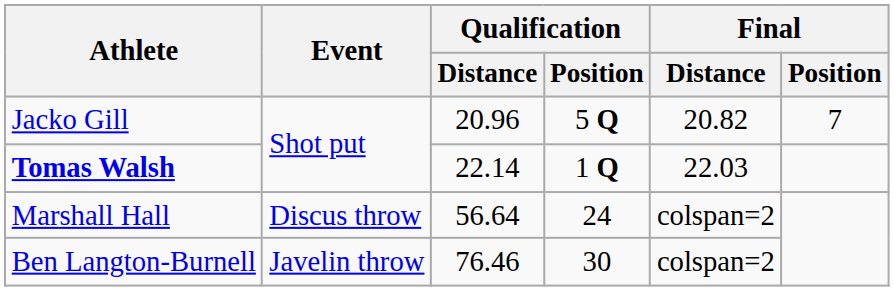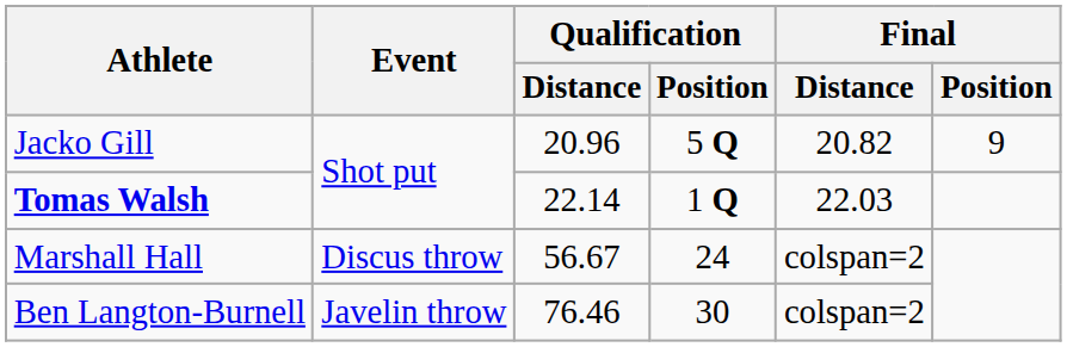 <table class=wikitable style=font-size:90%>
 <tr>
 <th rowspan=2>Athlete</th>
 <th rowspan=2>Event</th>
 <th colspan=2>Qualification</th>
 <th colspan=2>Final</th>
 </tr>
 <tr style=font-size:95%>
 <th>Distance</th>
 <th>Position</th>
 <th>Distance</th>
 <th>Position</th>
 </tr>
 <tr align=center>
 <td align=left><a href='#'>Jacko Gill</a></td>
 <td align=left rowspan=2><a href='#'>Shot put</a></td>
 <td>20.96</td>
 <td>5 <strong>Q</strong></td>
 <td>20.82</td>
-<td>7</td>
+<td>9</td>
 </tr>
 <tr align=center>
 <td align=left><strong><a href='#'>Tomas Walsh</a></strong></td>
 <td>22.14 </td>
 <td>1 <strong>Q</strong></td>
 <td>22.03</td>
 <td></td>
 </tr>
 <tr align=center>
 <td align=left><a href='#'>Marshall Hall</a></td>
 <td align=left><a href='#'>Discus throw</a></td>
-<td>56.64</td>
+<td>56.67</td>
 <td>24</td>
 <td>colspan=2 </td>
 </tr>
 <tr align=center>
 <td align=left><a href='#'>Ben Langton-Burnell</a></td>
 <td align=left><a href='#'>Javelin throw</a></td>
 <td>76.46</td>
 <td>30</td>
 <td>colspan=2 </td>
 </tr>
 </table>
